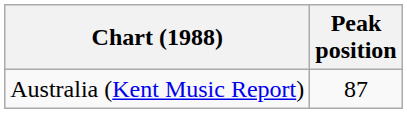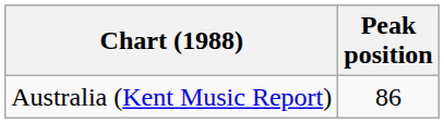 <table class="wikitable">
 <tr>
 <th scope="col">Chart (1988)</th>
 <th>Peak<br>position</th>
 </tr>
 <tr>
 <td>Australia (<a href='#'>Kent Music Report</a>)</td>
-<td style="text-align:center;">87</td>
+<td style="text-align:center;">86</td>
 </tr>
 </table>
